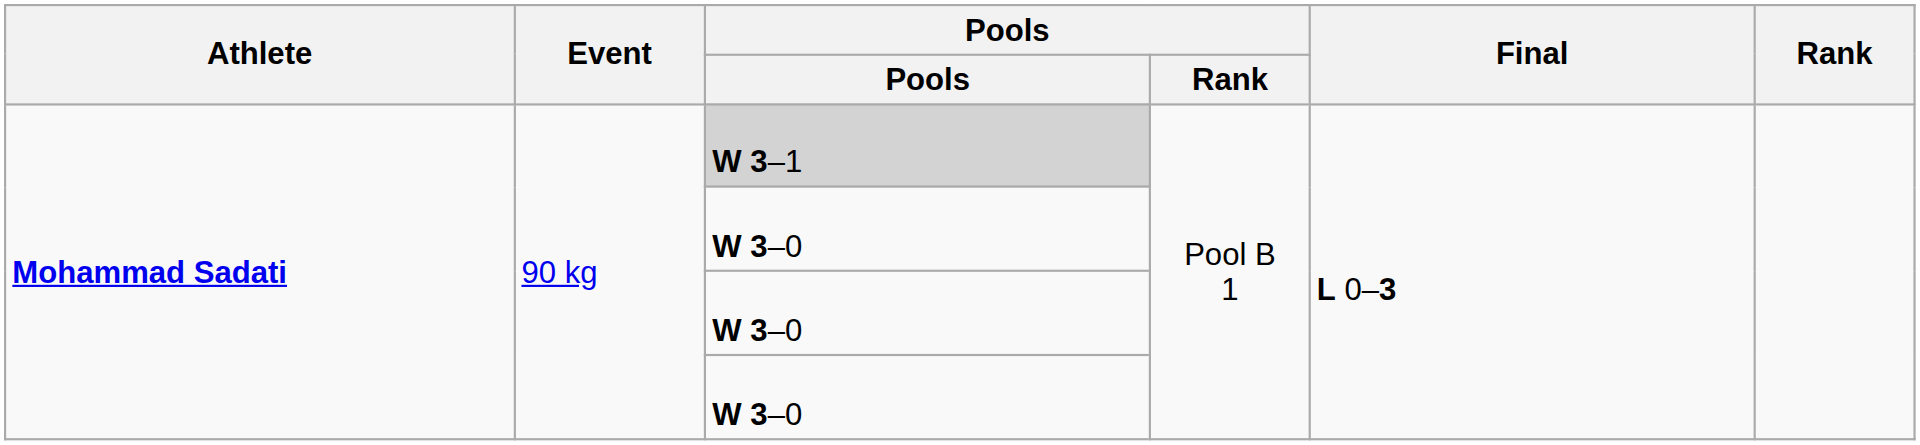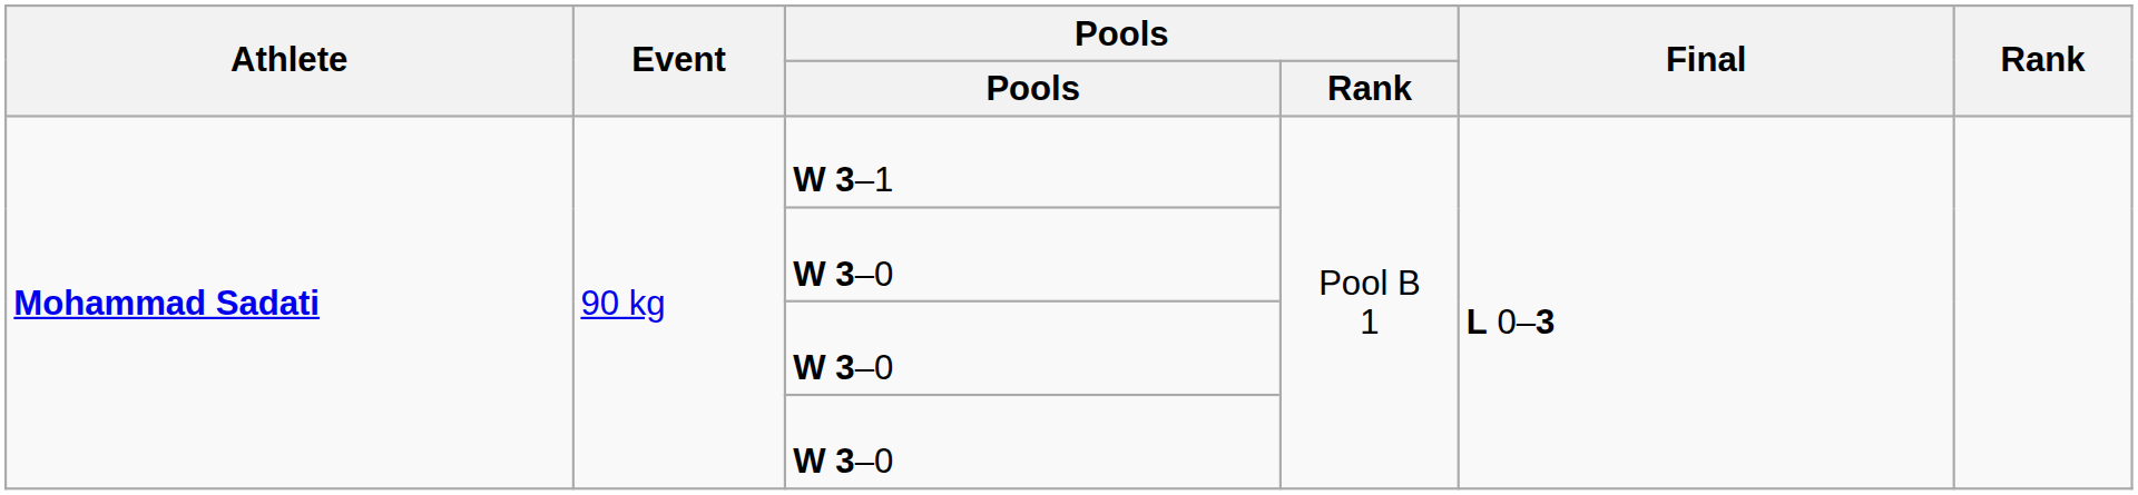 <table class="wikitable" width="70%" style="text-align:left; font-size:90%">
 <tr>
 <th rowspan="2" width="16%">Athlete</th>
 <th rowspan="2" width="6%">Event</th>
 <th colspan="2">Pools</th>
 <th rowspan="2" width="14%">Final</th>
 <th rowspan="2" width="5%">Rank</th>
 </tr>
 <tr>
 <th width="14%">Pools</th>
 <th width="5%">Rank</th>
 </tr>
 <tr>
 <td rowspan=4><strong><a href='#'>Mohammad Sadati</a></strong></td>
 <td rowspan=4><a href='#'>90 kg</a></td>
-<td style="background: lightgrey;"><br><strong>W</strong> <strong>3</strong>–1</td>
+<td><br><strong>W</strong> <strong>3</strong>–1</td>
 <td rowspan=4 align=center>Pool B<br>1 <strong></strong></td>
 <td rowspan=4><br><strong>L</strong> 0–<strong>3</strong></td>
 <td rowspan=4 align=center></td>
 </tr>
 <tr>
 <td><br><strong>W</strong> <strong>3</strong>–0</td>
 </tr>
 <tr>
 <td><br><strong>W</strong> <strong>3</strong>–0</td>
 </tr>
 <tr>
 <td><br><strong>W</strong> <strong>3</strong>–0</td>
 </tr>
 </table>
